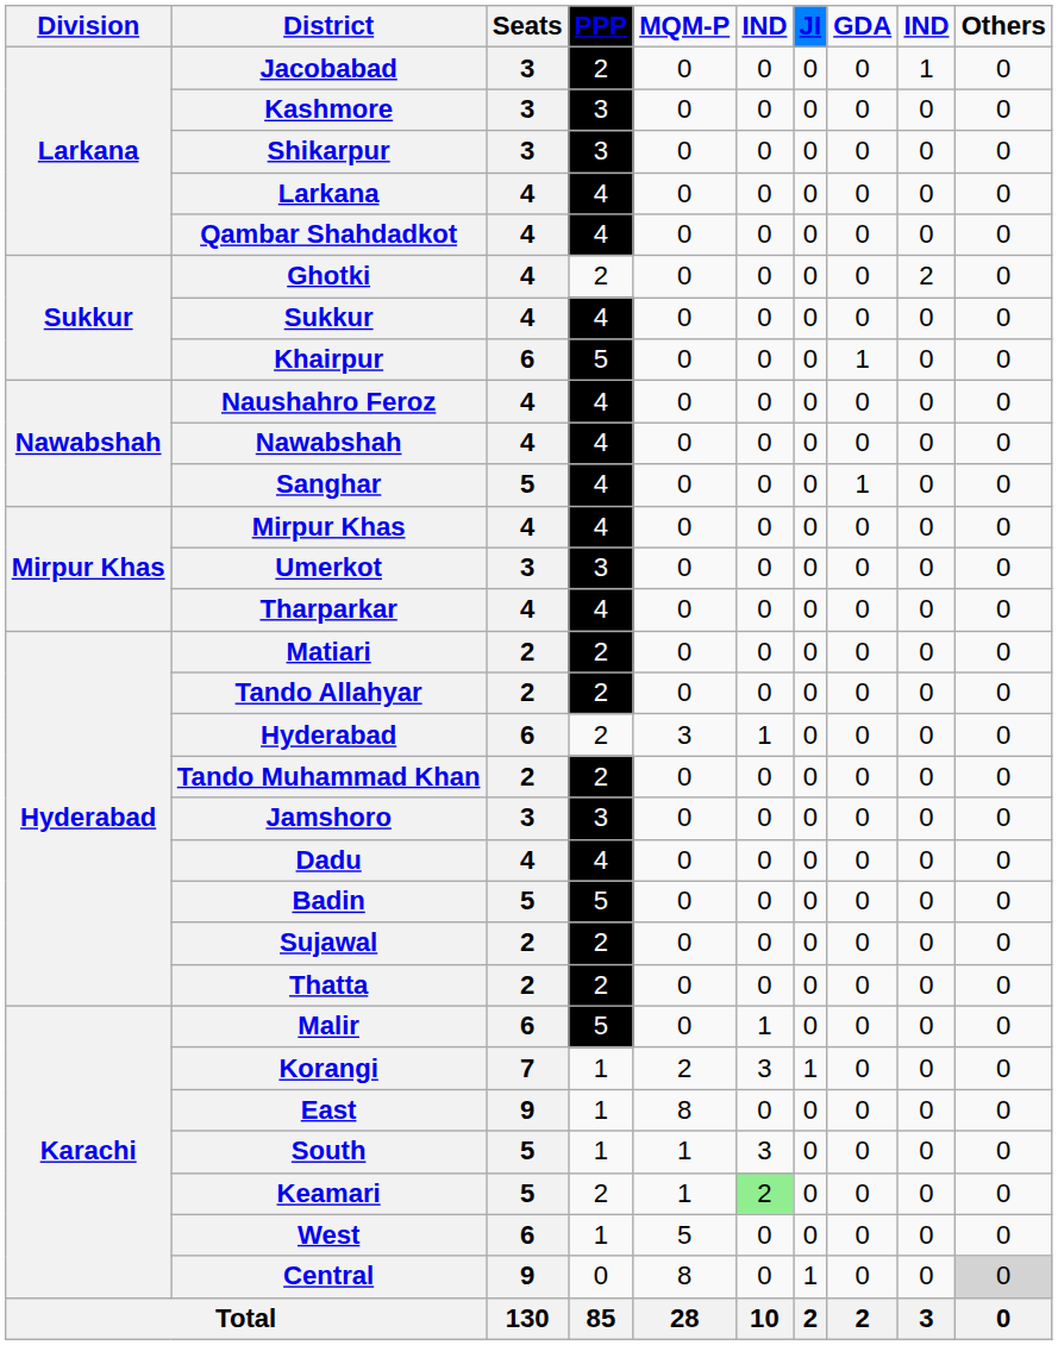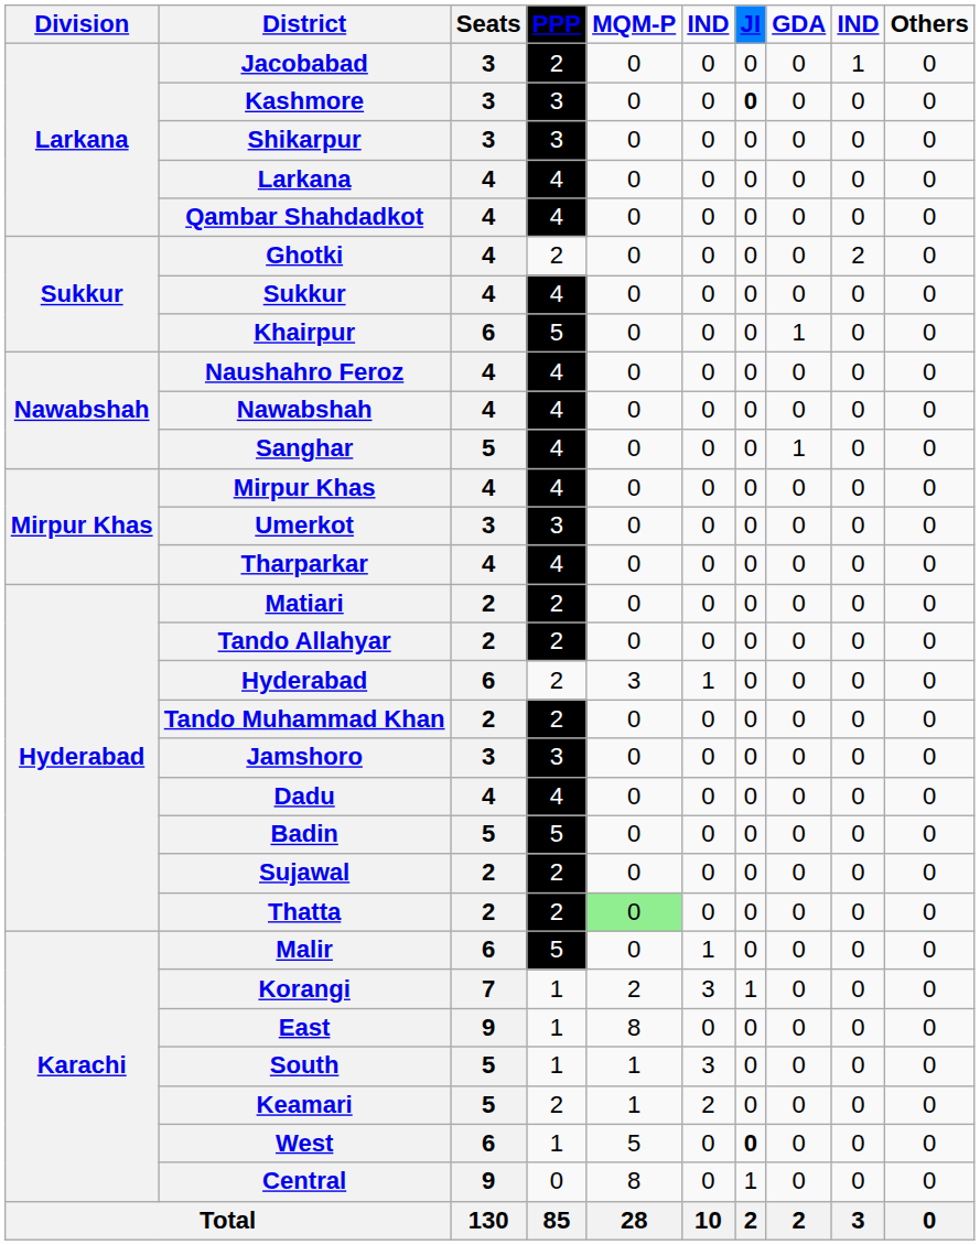 <table class="wikitable sortable" style="text-align:center;">
 <tr>
 <th><a href='#'>Division</a></th>
 <th><a href='#'>District</a></th>
 <th>Seats</th>
 <td style="background:#000000;"><a href='#'><span><strong>PPP</strong></span></a></td>
 <td style="background:"><a href='#'><span><strong>MQM-P</strong></span></a></td>
 <td style="background:"><a href='#'><span><strong>IND</strong></span></a></td>
 <td style="background:#0080ff;"><a href='#'><span><strong>JI</strong></span></a></td>
 <td style="background:"><a href='#'><span><strong>GDA</strong></span></a></td>
 <td><a href='#'><span><strong>IND</strong></span></a></td>
 <td><span><strong>Others</strong></span></td>
 </tr>
 <tr>
 <th rowspan="5"><a href='#'>Larkana</a></th>
 <th><a href='#'>Jacobabad</a></th>
 <th>3</th>
 <td style="background:#000000 ; color:white;">2</td>
 <td>0</td>
 <td>0</td>
 <td>0</td>
 <td>0</td>
 <td>1</td>
 <td>0</td>
 </tr>
 <tr>
 <th><a href='#'>Kashmore</a></th>
 <th>3</th>
 <td style="background:#000000 ; color:white;">3</td>
 <td>0</td>
 <td>0</td>
-<td>0</td>
+<td><strong>0</strong></td>
 <td>0</td>
 <td>0</td>
 <td>0</td>
 </tr>
 <tr>
 <th><a href='#'>Shikarpur</a></th>
 <th>3</th>
 <td style="background:#000000 ; color:white;">3</td>
 <td>0</td>
 <td>0</td>
 <td>0</td>
 <td>0</td>
 <td>0</td>
 <td>0</td>
 </tr>
 <tr>
 <th><a href='#'>Larkana</a></th>
 <th>4</th>
 <td style="background:#000000 ; color:white;">4</td>
 <td>0</td>
 <td>0</td>
 <td>0</td>
 <td>0</td>
 <td>0</td>
 <td>0</td>
 </tr>
 <tr>
 <th><a href='#'>Qambar Shahdadkot</a></th>
 <th>4</th>
 <td style="background:#000000 ; color:white;">4</td>
 <td>0</td>
 <td>0</td>
 <td>0</td>
 <td>0</td>
 <td>0</td>
 <td>0</td>
 </tr>
 <tr>
 <th rowspan="3"><a href='#'>Sukkur</a></th>
 <th><a href='#'>Ghotki</a></th>
 <th>4</th>
 <td>2</td>
 <td>0</td>
 <td>0</td>
 <td>0</td>
 <td>0</td>
 <td>2</td>
 <td>0</td>
 </tr>
 <tr>
 <th><a href='#'>Sukkur</a></th>
 <th>4</th>
 <td style="background:#000000 ; color:white;">4</td>
 <td>0</td>
 <td>0</td>
 <td>0</td>
 <td>0</td>
 <td>0</td>
 <td>0</td>
 </tr>
 <tr>
 <th><a href='#'>Khairpur</a></th>
 <th>6</th>
 <td style="background:#000000 ; color:white;">5</td>
 <td>0</td>
 <td>0</td>
 <td>0</td>
 <td>1</td>
 <td>0</td>
 <td>0</td>
 </tr>
 <tr>
 <th rowspan="3"><a href='#'>Nawabshah</a></th>
 <th><a href='#'>Naushahro Feroz</a></th>
 <th>4</th>
 <td style="background:#000000 ; color:white;">4</td>
 <td>0</td>
 <td>0</td>
 <td>0</td>
 <td>0</td>
 <td>0</td>
 <td>0</td>
 </tr>
 <tr>
 <th><a href='#'>Nawabshah</a></th>
 <th>4</th>
 <td style="background:#000000 ; color:white;">4</td>
 <td>0</td>
 <td>0</td>
 <td>0</td>
 <td>0</td>
 <td>0</td>
 <td>0</td>
 </tr>
 <tr>
 <th><a href='#'>Sanghar</a></th>
 <th>5</th>
 <td style="background:#000000 ; color:white;">4</td>
 <td>0</td>
 <td>0</td>
 <td>0</td>
 <td>1</td>
 <td>0</td>
 <td>0</td>
 </tr>
 <tr>
 <th rowspan="3"><a href='#'>Mirpur Khas</a></th>
 <th><a href='#'>Mirpur Khas</a></th>
 <th>4</th>
 <td style="background:#000000 ; color:white;">4</td>
 <td>0</td>
 <td>0</td>
 <td>0</td>
 <td>0</td>
 <td>0</td>
 <td>0</td>
 </tr>
 <tr>
 <th><a href='#'>Umerkot</a></th>
 <th>3</th>
 <td style="background:#000000 ; color:white;">3</td>
 <td>0</td>
 <td>0</td>
 <td>0</td>
 <td>0</td>
 <td>0</td>
 <td>0</td>
 </tr>
 <tr>
 <th><a href='#'>Tharparkar</a></th>
 <th>4</th>
 <td style="background:#000000 ; color:white;">4</td>
 <td>0</td>
 <td>0</td>
 <td>0</td>
 <td>0</td>
 <td>0</td>
 <td>0</td>
 </tr>
 <tr>
 <th rowspan="9"><a href='#'>Hyderabad</a></th>
 <th><a href='#'>Matiari</a></th>
 <th>2</th>
 <td style="background:#000000 ; color:white;">2</td>
 <td>0</td>
 <td>0</td>
 <td>0</td>
 <td>0</td>
 <td>0</td>
 <td>0</td>
 </tr>
 <tr>
 <th><a href='#'>Tando Allahyar</a></th>
 <th>2</th>
 <td style="background:#000000 ; color:white;">2</td>
 <td>0</td>
 <td>0</td>
 <td>0</td>
 <td>0</td>
 <td>0</td>
 <td>0</td>
 </tr>
 <tr>
 <th><a href='#'>Hyderabad</a></th>
 <th>6</th>
 <td>2</td>
 <td style="background:">3</td>
 <td>1</td>
 <td>0</td>
 <td>0</td>
 <td>0</td>
 <td>0</td>
 </tr>
 <tr>
 <th><a href='#'>Tando Muhammad Khan</a></th>
 <th>2</th>
 <td style="background:#000000 ; color:white;">2</td>
 <td>0</td>
 <td>0</td>
 <td>0</td>
 <td>0</td>
 <td>0</td>
 <td>0</td>
 </tr>
 <tr>
 <th><a href='#'>Jamshoro</a></th>
 <th>3</th>
 <td style="background:#000000 ; color:white;">3</td>
 <td>0</td>
 <td>0</td>
 <td>0</td>
 <td>0</td>
 <td>0</td>
 <td>0</td>
 </tr>
 <tr>
 <th><a href='#'>Dadu</a></th>
 <th>4</th>
 <td style="background:#000000 ; color:white;">4</td>
 <td>0</td>
 <td>0</td>
 <td>0</td>
 <td>0</td>
 <td>0</td>
 <td>0</td>
 </tr>
 <tr>
 <th><a href='#'>Badin</a></th>
 <th>5</th>
 <td style="background:#000000 ; color:white;">5</td>
 <td>0</td>
 <td>0</td>
 <td>0</td>
 <td>0</td>
 <td>0</td>
 <td>0</td>
 </tr>
 <tr>
 <th><a href='#'>Sujawal</a></th>
 <th>2</th>
 <td style="background:#000000 ; color:white;">2</td>
 <td>0</td>
 <td>0</td>
 <td>0</td>
 <td>0</td>
 <td>0</td>
 <td>0</td>
 </tr>
 <tr>
 <th><a href='#'>Thatta</a></th>
 <th>2</th>
 <td style="background:#000000 ; color:white;">2</td>
-<td>0</td>
+<td style="background: lightgreen;">0</td>
 <td>0</td>
 <td>0</td>
 <td>0</td>
 <td>0</td>
 <td>0</td>
 </tr>
 <tr>
 <th rowspan="7"><a href='#'>Karachi</a></th>
 <th><a href='#'>Malir</a></th>
 <th>6</th>
 <td style="background:#000000 ; color:white;">5</td>
 <td>0</td>
 <td>1</td>
 <td>0</td>
 <td>0</td>
 <td>0</td>
 <td>0</td>
 </tr>
 <tr>
 <th><a href='#'>Korangi</a></th>
 <th>7</th>
 <td>1</td>
 <td>2</td>
 <td style="background:">3</td>
 <td>1</td>
 <td>0</td>
 <td>0</td>
 <td>0</td>
 </tr>
 <tr>
 <th><a href='#'>East</a></th>
 <th>9</th>
 <td>1</td>
 <td style="background:">8</td>
 <td>0</td>
 <td>0</td>
 <td>0</td>
 <td>0</td>
 <td>0</td>
 </tr>
 <tr>
 <th><a href='#'>South</a></th>
 <th>5</th>
 <td>1</td>
 <td>1</td>
 <td style="background:">3</td>
 <td>0</td>
 <td>0</td>
 <td>0</td>
 <td>0</td>
 </tr>
 <tr>
 <th><a href='#'>Keamari</a></th>
 <th>5</th>
 <td>2</td>
 <td>1</td>
-<td style="background: lightgreen;">2</td>
+<td>2</td>
 <td>0</td>
 <td>0</td>
 <td>0</td>
 <td>0</td>
 </tr>
 <tr>
 <th><a href='#'>West</a></th>
 <th>6</th>
 <td>1</td>
 <td style="background:">5</td>
 <td>0</td>
-<td>0</td>
+<td><strong>0</strong></td>
 <td>0</td>
 <td>0</td>
 <td>0</td>
 </tr>
 <tr>
 <th><a href='#'>Central</a></th>
 <th>9</th>
 <td>0</td>
 <td style="background:">8</td>
 <td>0</td>
 <td>1</td>
 <td>0</td>
 <td>0</td>
-<td style="background: lightgrey;">0</td>
+<td>0</td>
 </tr>
 <tr>
 <th colspan="2">Total</th>
 <th>130</th>
 <th>85</th>
 <th>28</th>
 <th>10</th>
 <th>2</th>
 <th>2</th>
 <th>3</th>
 <th>0</th>
 </tr>
 </table>
